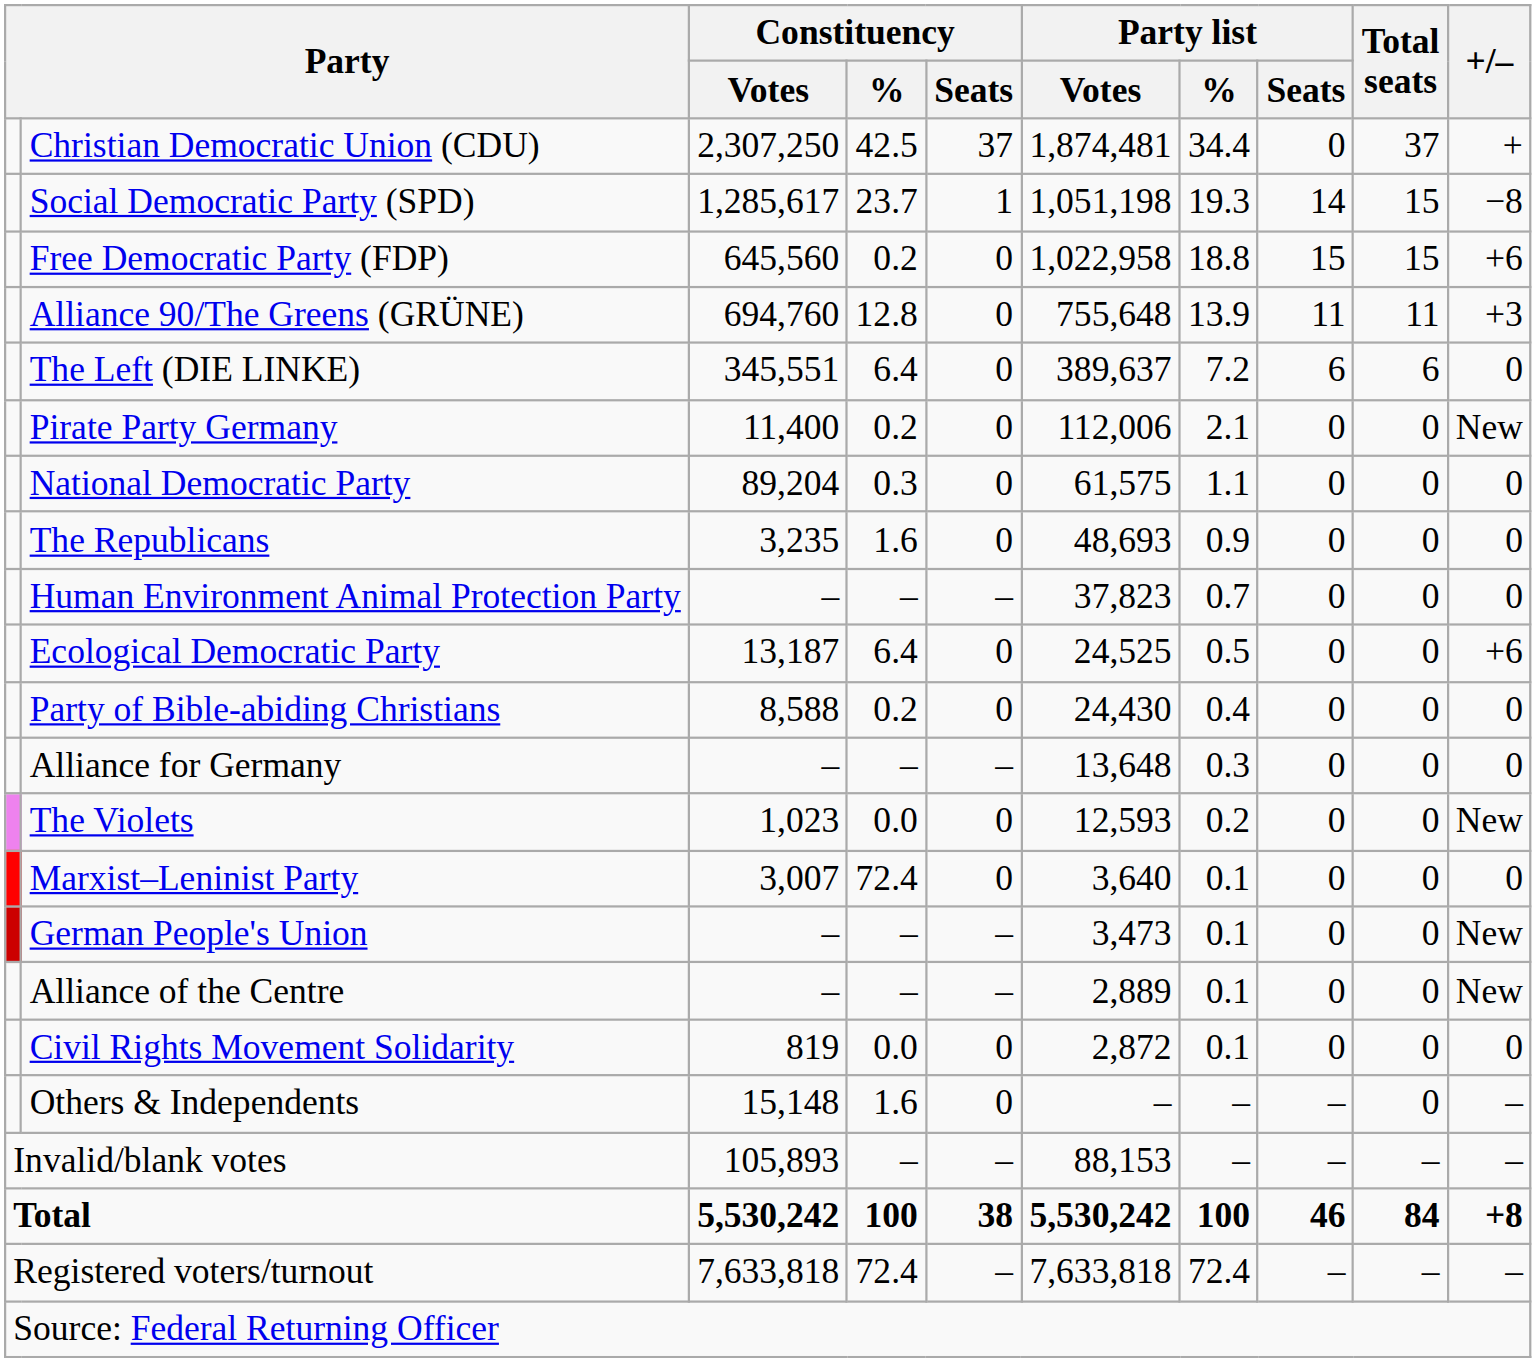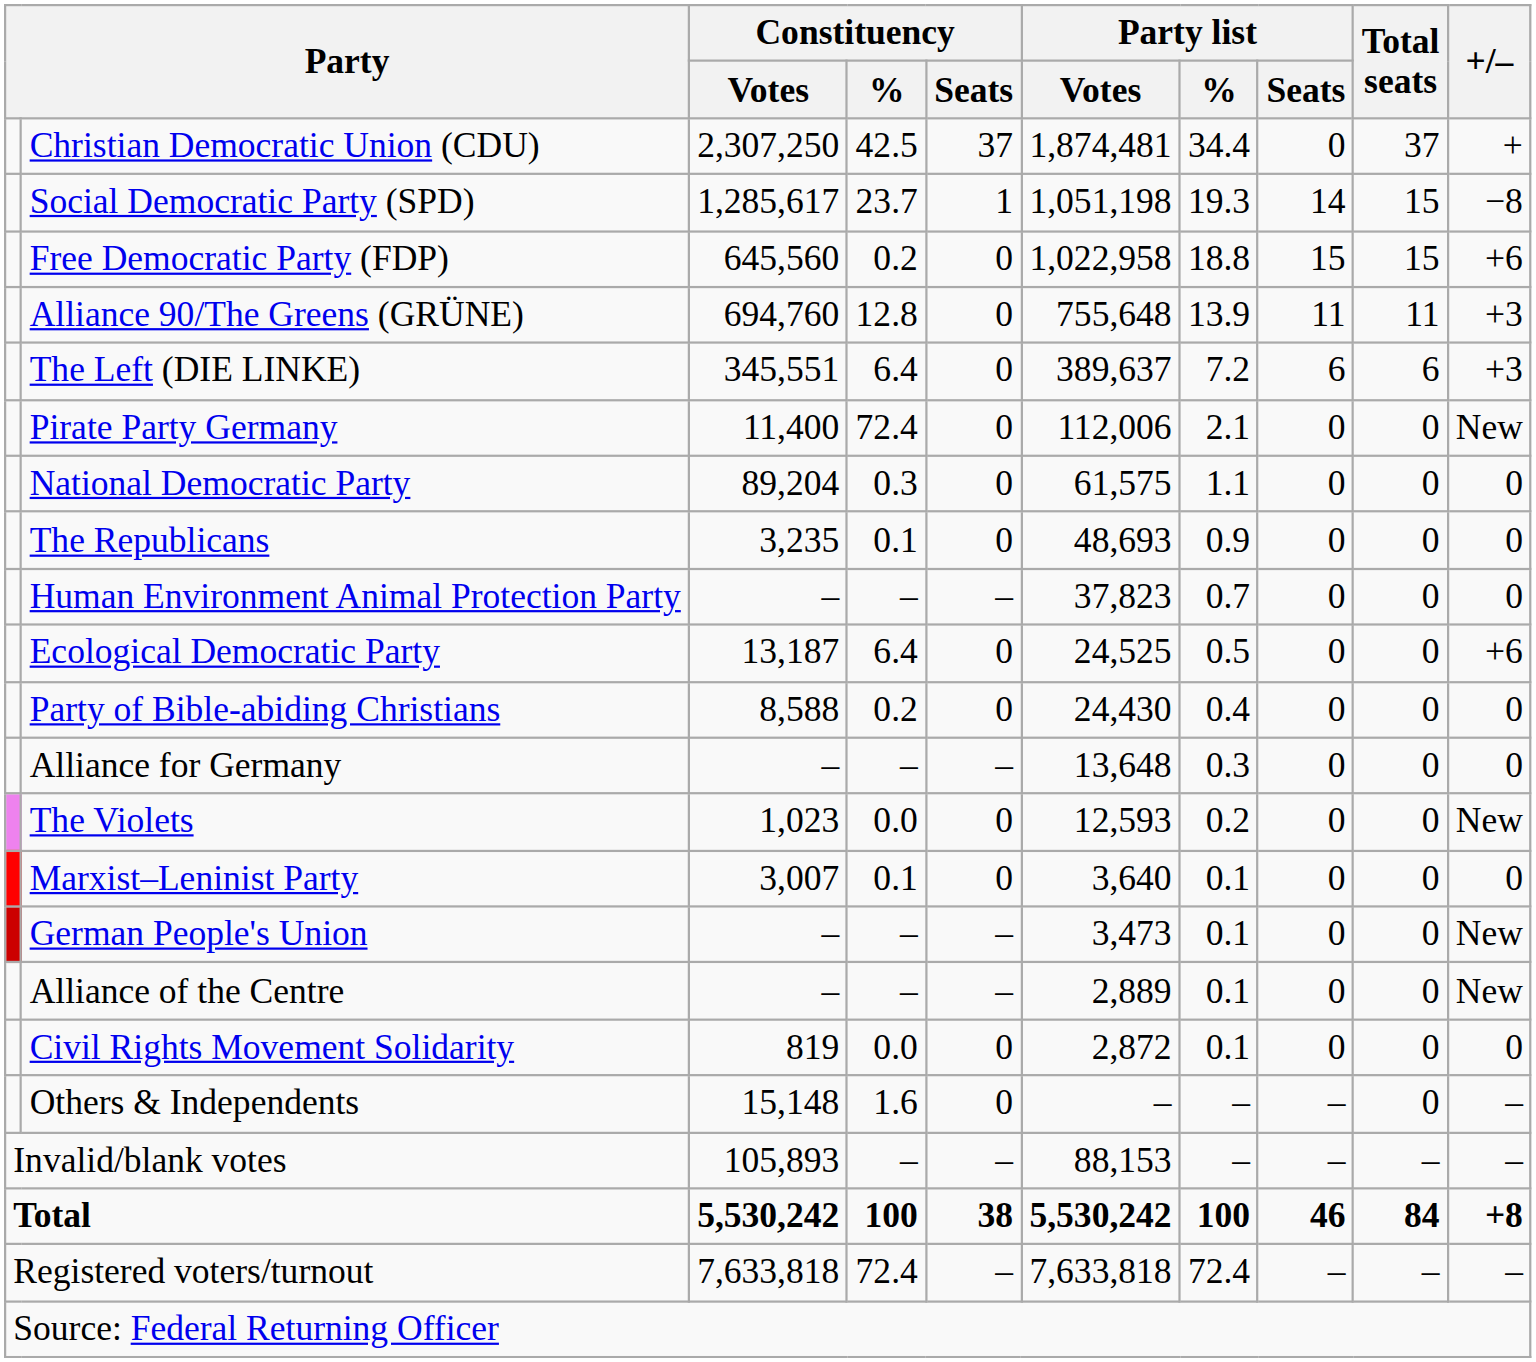 <table class="wikitable" style="text-align:right">
 <tr>
 <th colspan="2" rowspan="2">Party</th>
 <th colspan="3">Constituency</th>
 <th colspan="3">Party list</th>
 <th rowspan="2">Total<br>seats</th>
 <th rowspan="2">+/–</th>
 </tr>
 <tr>
 <th>Votes</th>
 <th>%</th>
 <th>Seats</th>
 <th>Votes</th>
 <th>%</th>
 <th>Seats</th>
 </tr>
 <tr>
 <td></td>
 <td align="left"><a href='#'>Christian Democratic Union</a> (CDU)</td>
 <td>2,307,250</td>
 <td>42.5</td>
 <td>37</td>
 <td>1,874,481</td>
 <td>34.4</td>
 <td>0</td>
 <td>37</td>
 <td>+</td>
 </tr>
 <tr>
 <td></td>
 <td align="left"><a href='#'>Social Democratic Party</a> (SPD)</td>
 <td>1,285,617</td>
 <td>23.7</td>
 <td>1</td>
 <td>1,051,198</td>
 <td>19.3</td>
 <td>14</td>
 <td>15</td>
 <td>−8</td>
 </tr>
 <tr>
 <td></td>
 <td align="left"><a href='#'>Free Democratic Party</a> (FDP)</td>
 <td>645,560</td>
 <td>0.2</td>
 <td>0</td>
 <td>1,022,958</td>
 <td>18.8</td>
 <td>15</td>
 <td>15</td>
 <td>+6</td>
 </tr>
 <tr>
 <td></td>
 <td align="left"><a href='#'>Alliance 90/The Greens</a> (GRÜNE)</td>
 <td>694,760</td>
 <td>12.8</td>
 <td>0</td>
 <td>755,648</td>
 <td>13.9</td>
 <td>11</td>
 <td>11</td>
 <td>+3</td>
 </tr>
 <tr>
 <td></td>
 <td align="left"><a href='#'>The Left</a> (DIE LINKE)</td>
 <td>345,551</td>
 <td>6.4</td>
 <td>0</td>
 <td>389,637</td>
 <td>7.2</td>
 <td>6</td>
 <td>6</td>
-<td>0</td>
+<td>+3</td>
 </tr>
 <tr>
 <td style="background-color:"></td>
 <td align="left"><a href='#'>Pirate Party Germany</a></td>
 <td>11,400</td>
-<td>0.2</td>
+<td>72.4</td>
 <td>0</td>
 <td>112,006</td>
 <td>2.1</td>
 <td>0</td>
 <td>0</td>
 <td>New</td>
 </tr>
 <tr>
 <td style="background-color:"></td>
 <td align="left"><a href='#'>National Democratic Party</a></td>
 <td>89,204</td>
 <td>0.3</td>
 <td>0</td>
 <td>61,575</td>
 <td>1.1</td>
 <td>0</td>
 <td>0</td>
 <td>0</td>
 </tr>
 <tr>
 <td style="background-color:"></td>
 <td align="left"><a href='#'>The Republicans</a></td>
 <td>3,235</td>
-<td>1.6</td>
+<td>0.1</td>
 <td>0</td>
 <td>48,693</td>
 <td>0.9</td>
 <td>0</td>
 <td>0</td>
 <td>0</td>
 </tr>
 <tr>
 <td style="background-color:"></td>
 <td align="left"><a href='#'>Human Environment Animal Protection Party</a></td>
 <td>–</td>
 <td>–</td>
 <td>–</td>
 <td>37,823</td>
 <td>0.7</td>
 <td>0</td>
 <td>0</td>
 <td>0</td>
 </tr>
 <tr>
 <td style="background-color:"></td>
 <td align="left"><a href='#'>Ecological Democratic Party</a></td>
 <td>13,187</td>
 <td>6.4</td>
 <td>0</td>
 <td>24,525</td>
 <td>0.5</td>
 <td>0</td>
 <td>0</td>
 <td>+6</td>
 </tr>
 <tr>
 <td></td>
 <td align="left"><a href='#'>Party of Bible-abiding Christians</a></td>
 <td>8,588</td>
 <td>0.2</td>
 <td>0</td>
 <td>24,430</td>
 <td>0.4</td>
 <td>0</td>
 <td>0</td>
 <td>0</td>
 </tr>
 <tr>
 <td></td>
 <td align="left">Alliance for Germany</td>
 <td>–</td>
 <td>–</td>
 <td>–</td>
 <td>13,648</td>
 <td>0.3</td>
 <td>0</td>
 <td>0</td>
 <td>0</td>
 </tr>
 <tr>
 <td style="background-color:#EE82EE"></td>
 <td align="left"><a href='#'>The Violets</a></td>
 <td>1,023</td>
 <td>0.0</td>
 <td>0</td>
 <td>12,593</td>
 <td>0.2</td>
 <td>0</td>
 <td>0</td>
 <td>New</td>
 </tr>
 <tr>
 <td style="background-color:red"></td>
 <td align="left"><a href='#'>Marxist–Leninist Party</a></td>
 <td>3,007</td>
-<td>72.4</td>
+<td>0.1</td>
 <td>0</td>
 <td>3,640</td>
 <td>0.1</td>
 <td>0</td>
 <td>0</td>
 <td>0</td>
 </tr>
 <tr>
 <td style="background-color:#CC0000"></td>
 <td align="left"><a href='#'>German People's Union</a></td>
 <td>–</td>
 <td>–</td>
 <td>–</td>
 <td>3,473</td>
 <td>0.1</td>
 <td>0</td>
 <td>0</td>
 <td>New</td>
 </tr>
 <tr>
 <td></td>
 <td align="left">Alliance of the Centre</td>
 <td>–</td>
 <td>–</td>
 <td>–</td>
 <td>2,889</td>
 <td>0.1</td>
 <td>0</td>
 <td>0</td>
 <td>New</td>
 </tr>
 <tr>
 <td></td>
 <td align="left"><a href='#'>Civil Rights Movement Solidarity</a></td>
 <td>819</td>
 <td>0.0</td>
 <td>0</td>
 <td>2,872</td>
 <td>0.1</td>
 <td>0</td>
 <td>0</td>
 <td>0</td>
 </tr>
 <tr>
 <td></td>
 <td align="left">Others & Independents</td>
 <td>15,148</td>
 <td>1.6</td>
 <td>0</td>
 <td>–</td>
 <td>–</td>
 <td>–</td>
 <td>0</td>
 <td>–</td>
 </tr>
 <tr>
 <td colspan="2" align="left">Invalid/blank votes</td>
 <td>105,893</td>
 <td>–</td>
 <td>–</td>
 <td>88,153</td>
 <td>–</td>
 <td>–</td>
 <td>–</td>
 <td>–</td>
 </tr>
 <tr>
 <td colspan="2" align="left"><strong>Total</strong></td>
 <td><strong>5,530,242</strong></td>
 <td><strong>100</strong></td>
 <td><strong>38</strong></td>
 <td><strong>5,530,242</strong></td>
 <td><strong>100</strong></td>
 <td><strong>46</strong></td>
 <td><strong>84</strong></td>
 <td><strong>+8</strong></td>
 </tr>
 <tr>
 <td colspan="2" align="left">Registered voters/turnout</td>
 <td>7,633,818</td>
 <td>72.4</td>
 <td>–</td>
 <td>7,633,818</td>
 <td>72.4</td>
 <td>–</td>
 <td>–</td>
 <td>–</td>
 </tr>
 <tr>
 <td colspan="10" align="left">Source: <a href='#'>Federal Returning Officer</a></td>
 </tr>
 </table>
